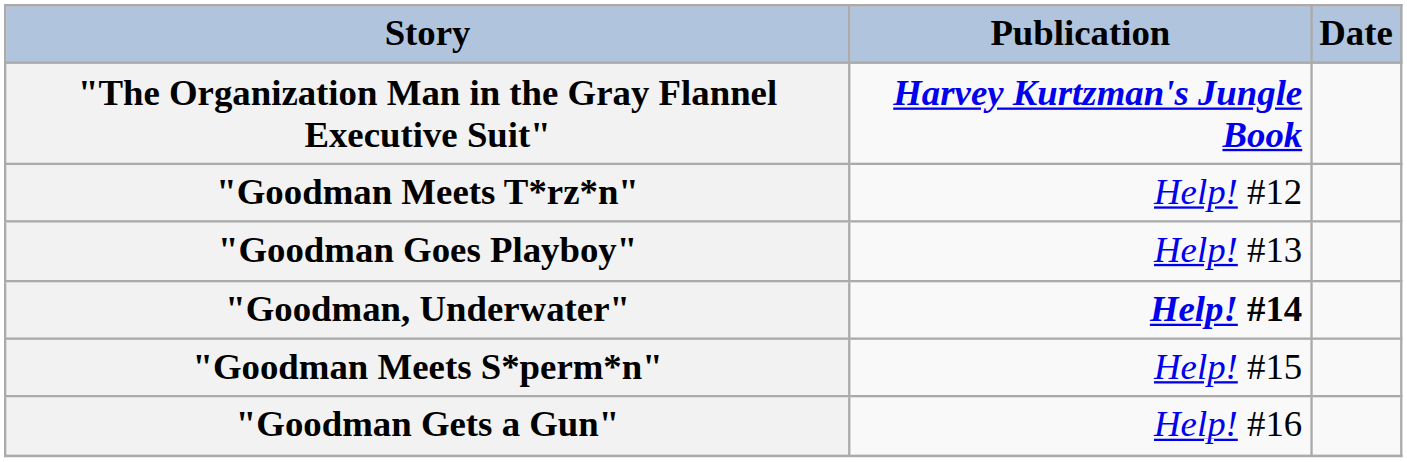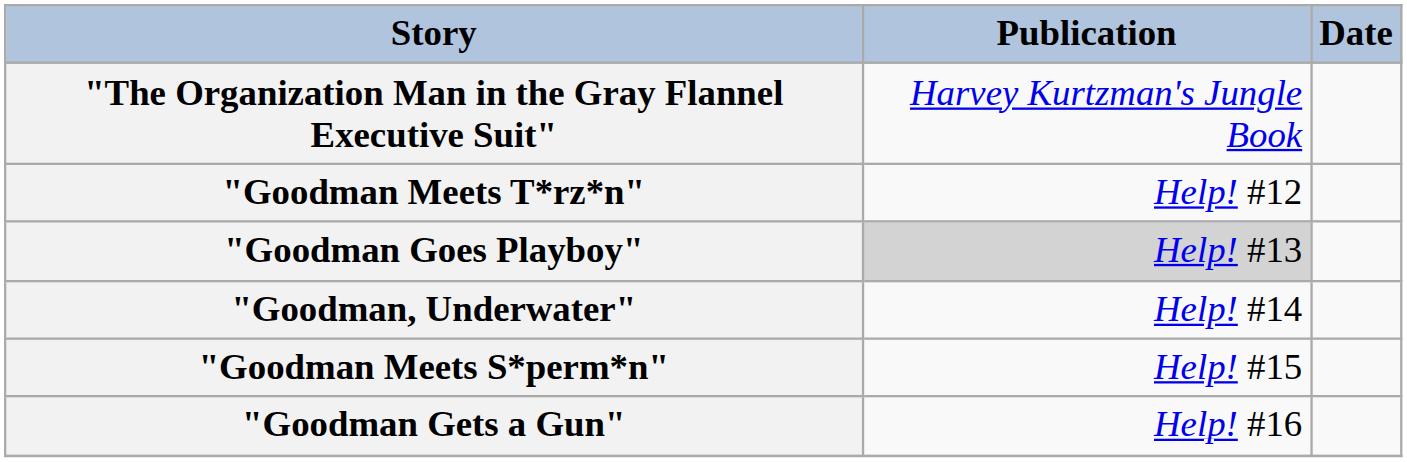 <table class="wikitable sortable plainrowheaders">
 <tr>
 </tr>
 <tr>
 <th scope="col" style="background:#B0C4DE;">Story</th>
 <th scope="col" style="background:#B0C4DE;">Publication</th>
 <th scope="col" style="background:#B0C4DE;">Date</th>
 </tr>
 <tr>
 <th scope="row">"The Organization Man in the Gray Flannel Executive Suit"</th>
-<td style="text-align:right;"><strong><em><a href='#'>Harvey Kurtzman's Jungle Book</a></em></strong></td>
+<td style="text-align:right;"><em><a href='#'>Harvey Kurtzman's Jungle Book</a></em></td>
 <td style="text-align:right;"></td>
 </tr>
 <tr>
 <th scope="row">"Goodman Meets T*rz*n"</th>
 <td style="text-align:right;"><em><a href='#'>Help!</a></em> #12</td>
 <td style="text-align:right;"></td>
 </tr>
 <tr>
 <th scope="row">"Goodman Goes Playboy"</th>
-<td style="text-align:right;"><em><a href='#'>Help!</a></em> #13</td>
+<td style="background: lightgrey; text-align:right;"><em><a href='#'>Help!</a></em> #13</td>
 <td style="text-align:right;"></td>
 </tr>
 <tr>
 <th scope="row">"Goodman, Underwater"</th>
-<td style="text-align:right;"><strong><em><a href='#'>Help!</a></em> #14</strong></td>
+<td style="text-align:right;"><em><a href='#'>Help!</a></em> #14</td>
 <td style="text-align:right;"></td>
 </tr>
 <tr>
 <th scope="row">"Goodman Meets S*perm*n"</th>
 <td style="text-align:right;"><em><a href='#'>Help!</a></em> #15</td>
 <td style="text-align:right;"></td>
 </tr>
 <tr>
 <th scope="row">"Goodman Gets a Gun" </th>
 <td style="text-align:right;"><em><a href='#'>Help!</a></em> #16</td>
 <td style="text-align:right;"></td>
 </tr>
 <tr>
 </tr>
 </table>
